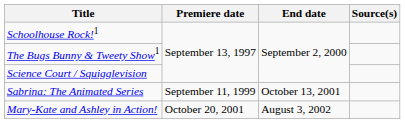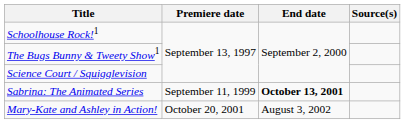 <table class="wikitable sortable">
 <tr>
 <th>Title</th>
 <th>Premiere date</th>
 <th>End date</th>
 <th>Source(s)</th>
 </tr>
 <tr>
 <td><em><a href='#'>Schoolhouse Rock!</a></em><sup>1</sup></td>
 <td rowspan=3>September 13, 1997</td>
 <td rowspan=3>September 2, 2000</td>
 <td></td>
 </tr>
 <tr>
 <td><em><a href='#'>The Bugs Bunny & Tweety Show</a></em><sup>1</sup></td>
 <td></td>
 </tr>
 <tr>
 <td><em><a href='#'>Science Court / Squigglevision</a></em></td>
 <td></td>
 </tr>
 <tr>
 <td><em><a href='#'>Sabrina: The Animated Series</a></em></td>
 <td>September 11, 1999</td>
-<td>October 13, 2001</td>
+<td><strong>October 13, 2001</strong></td>
 <td></td>
 </tr>
 <tr>
 <td><em><a href='#'>Mary-Kate and Ashley in Action!</a></em></td>
 <td>October 20, 2001</td>
 <td>August 3, 2002</td>
 </tr>
 </table>
